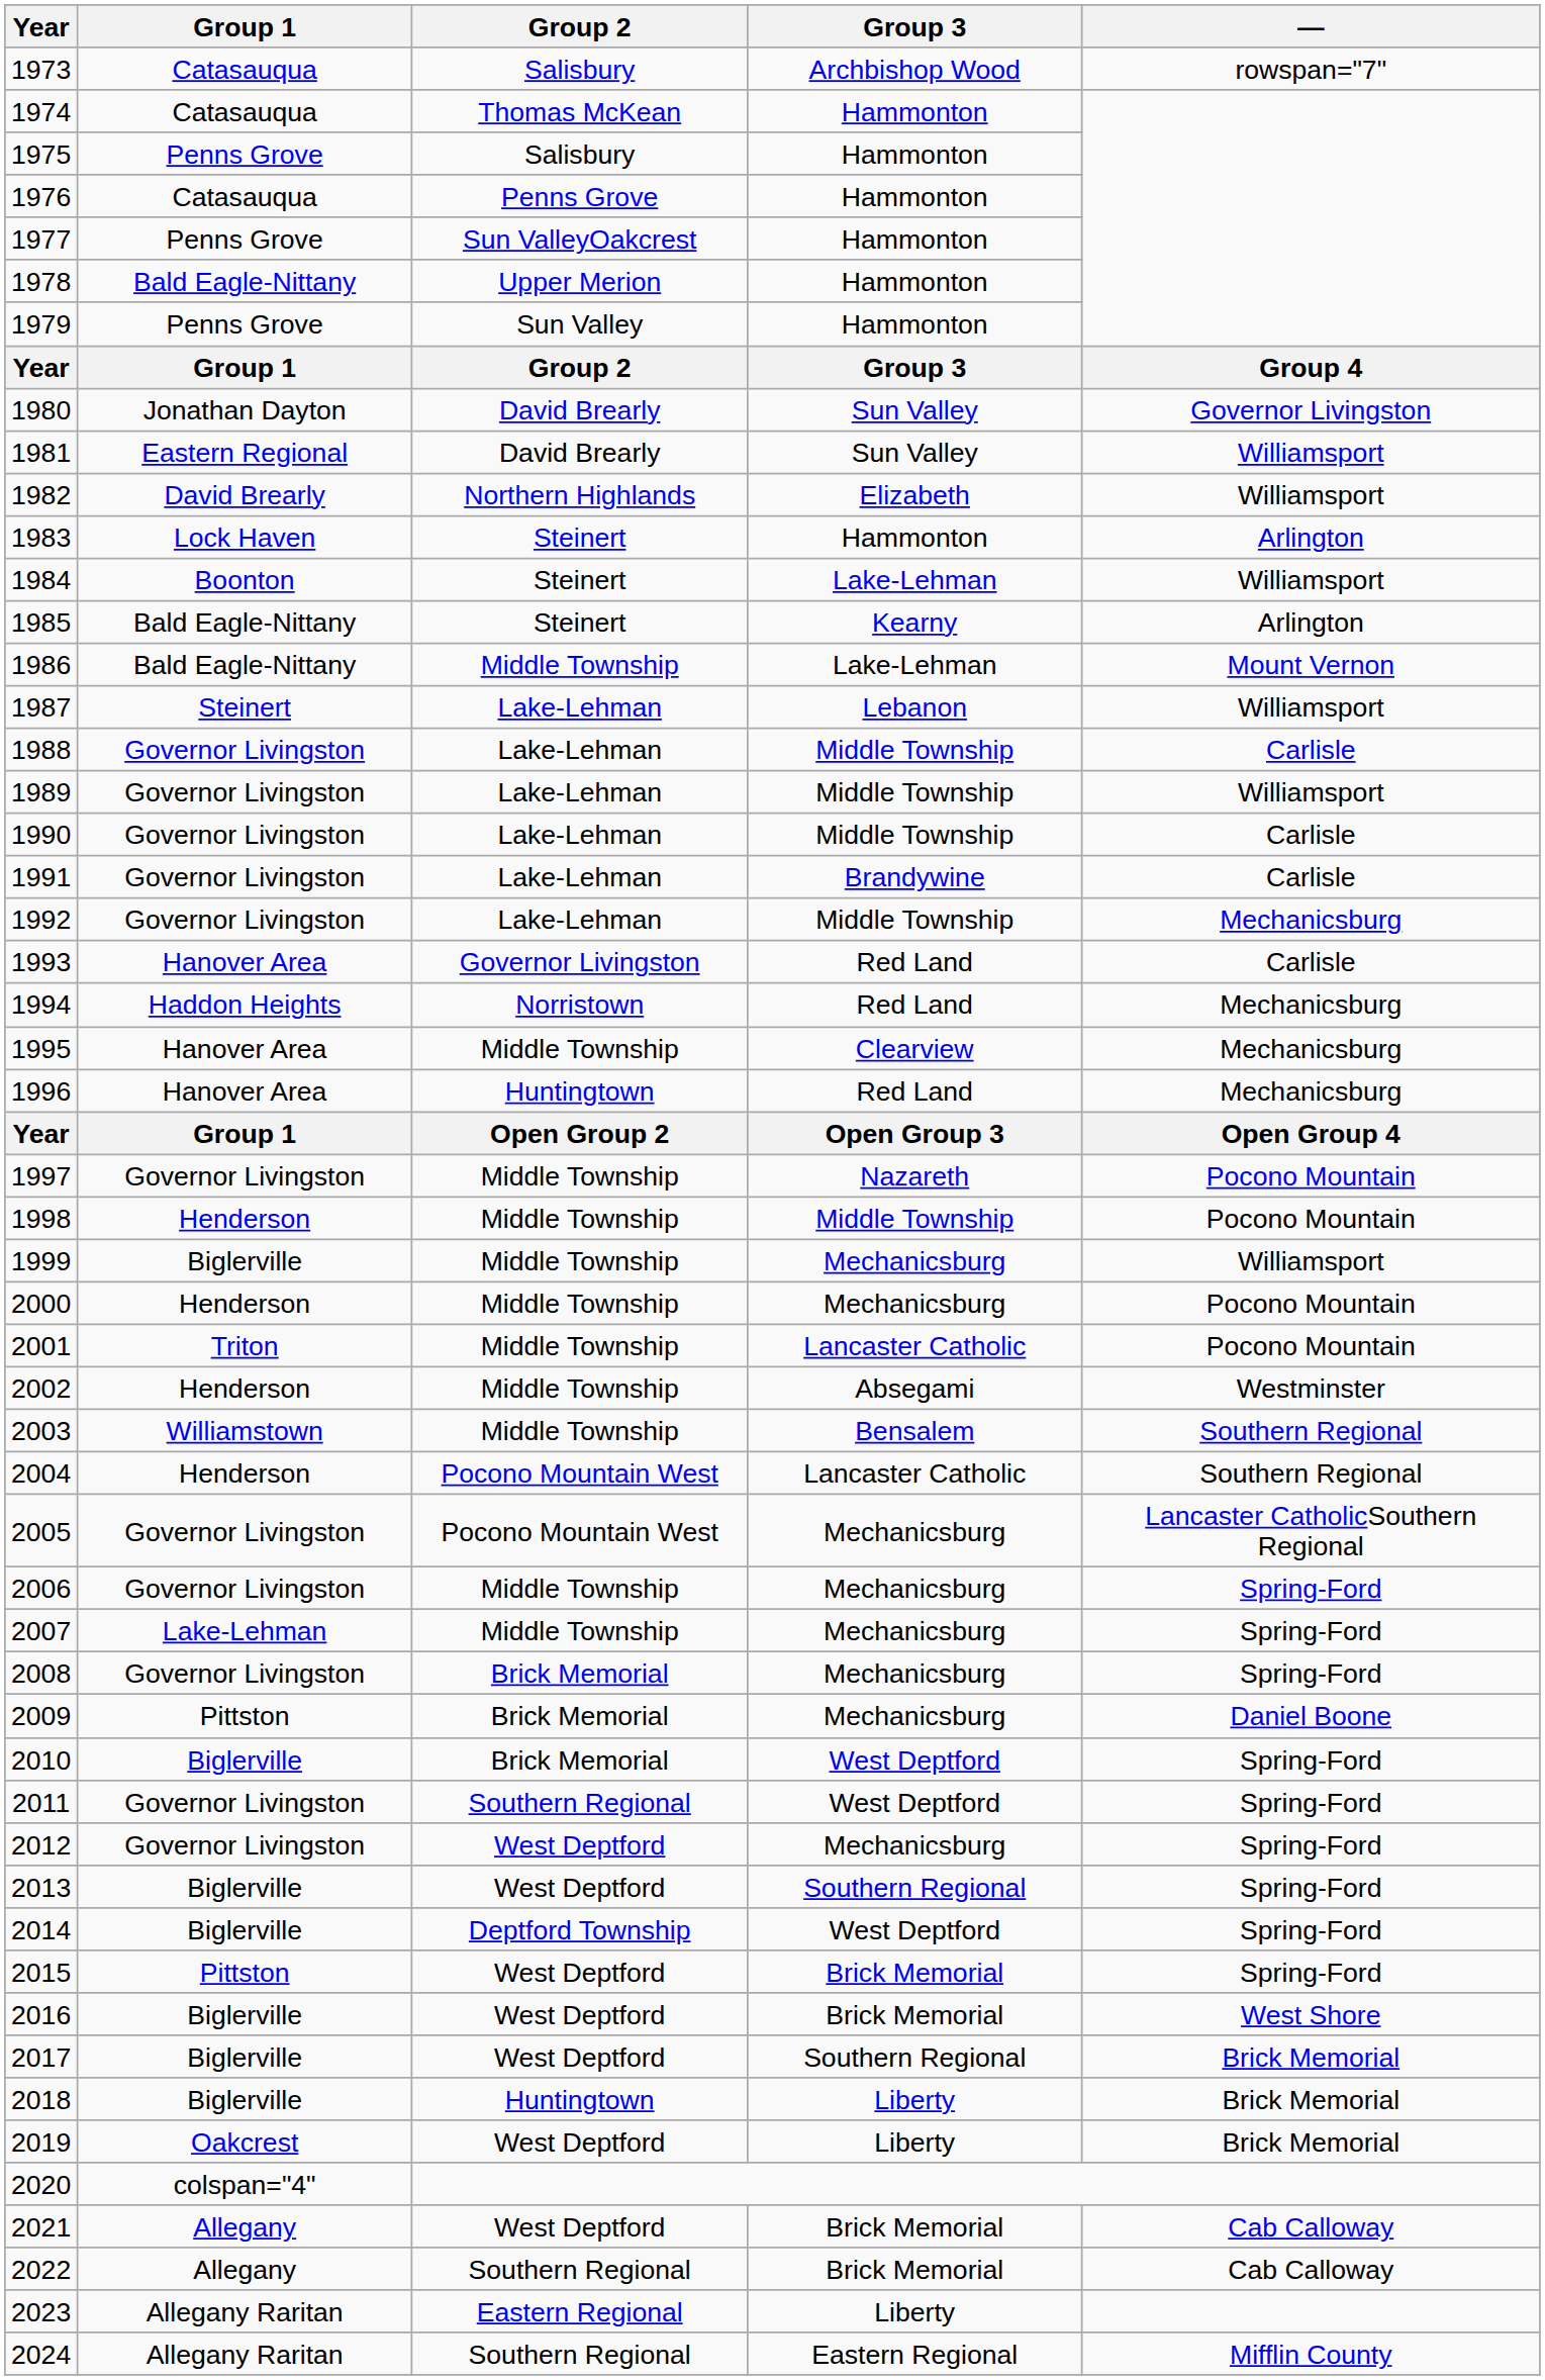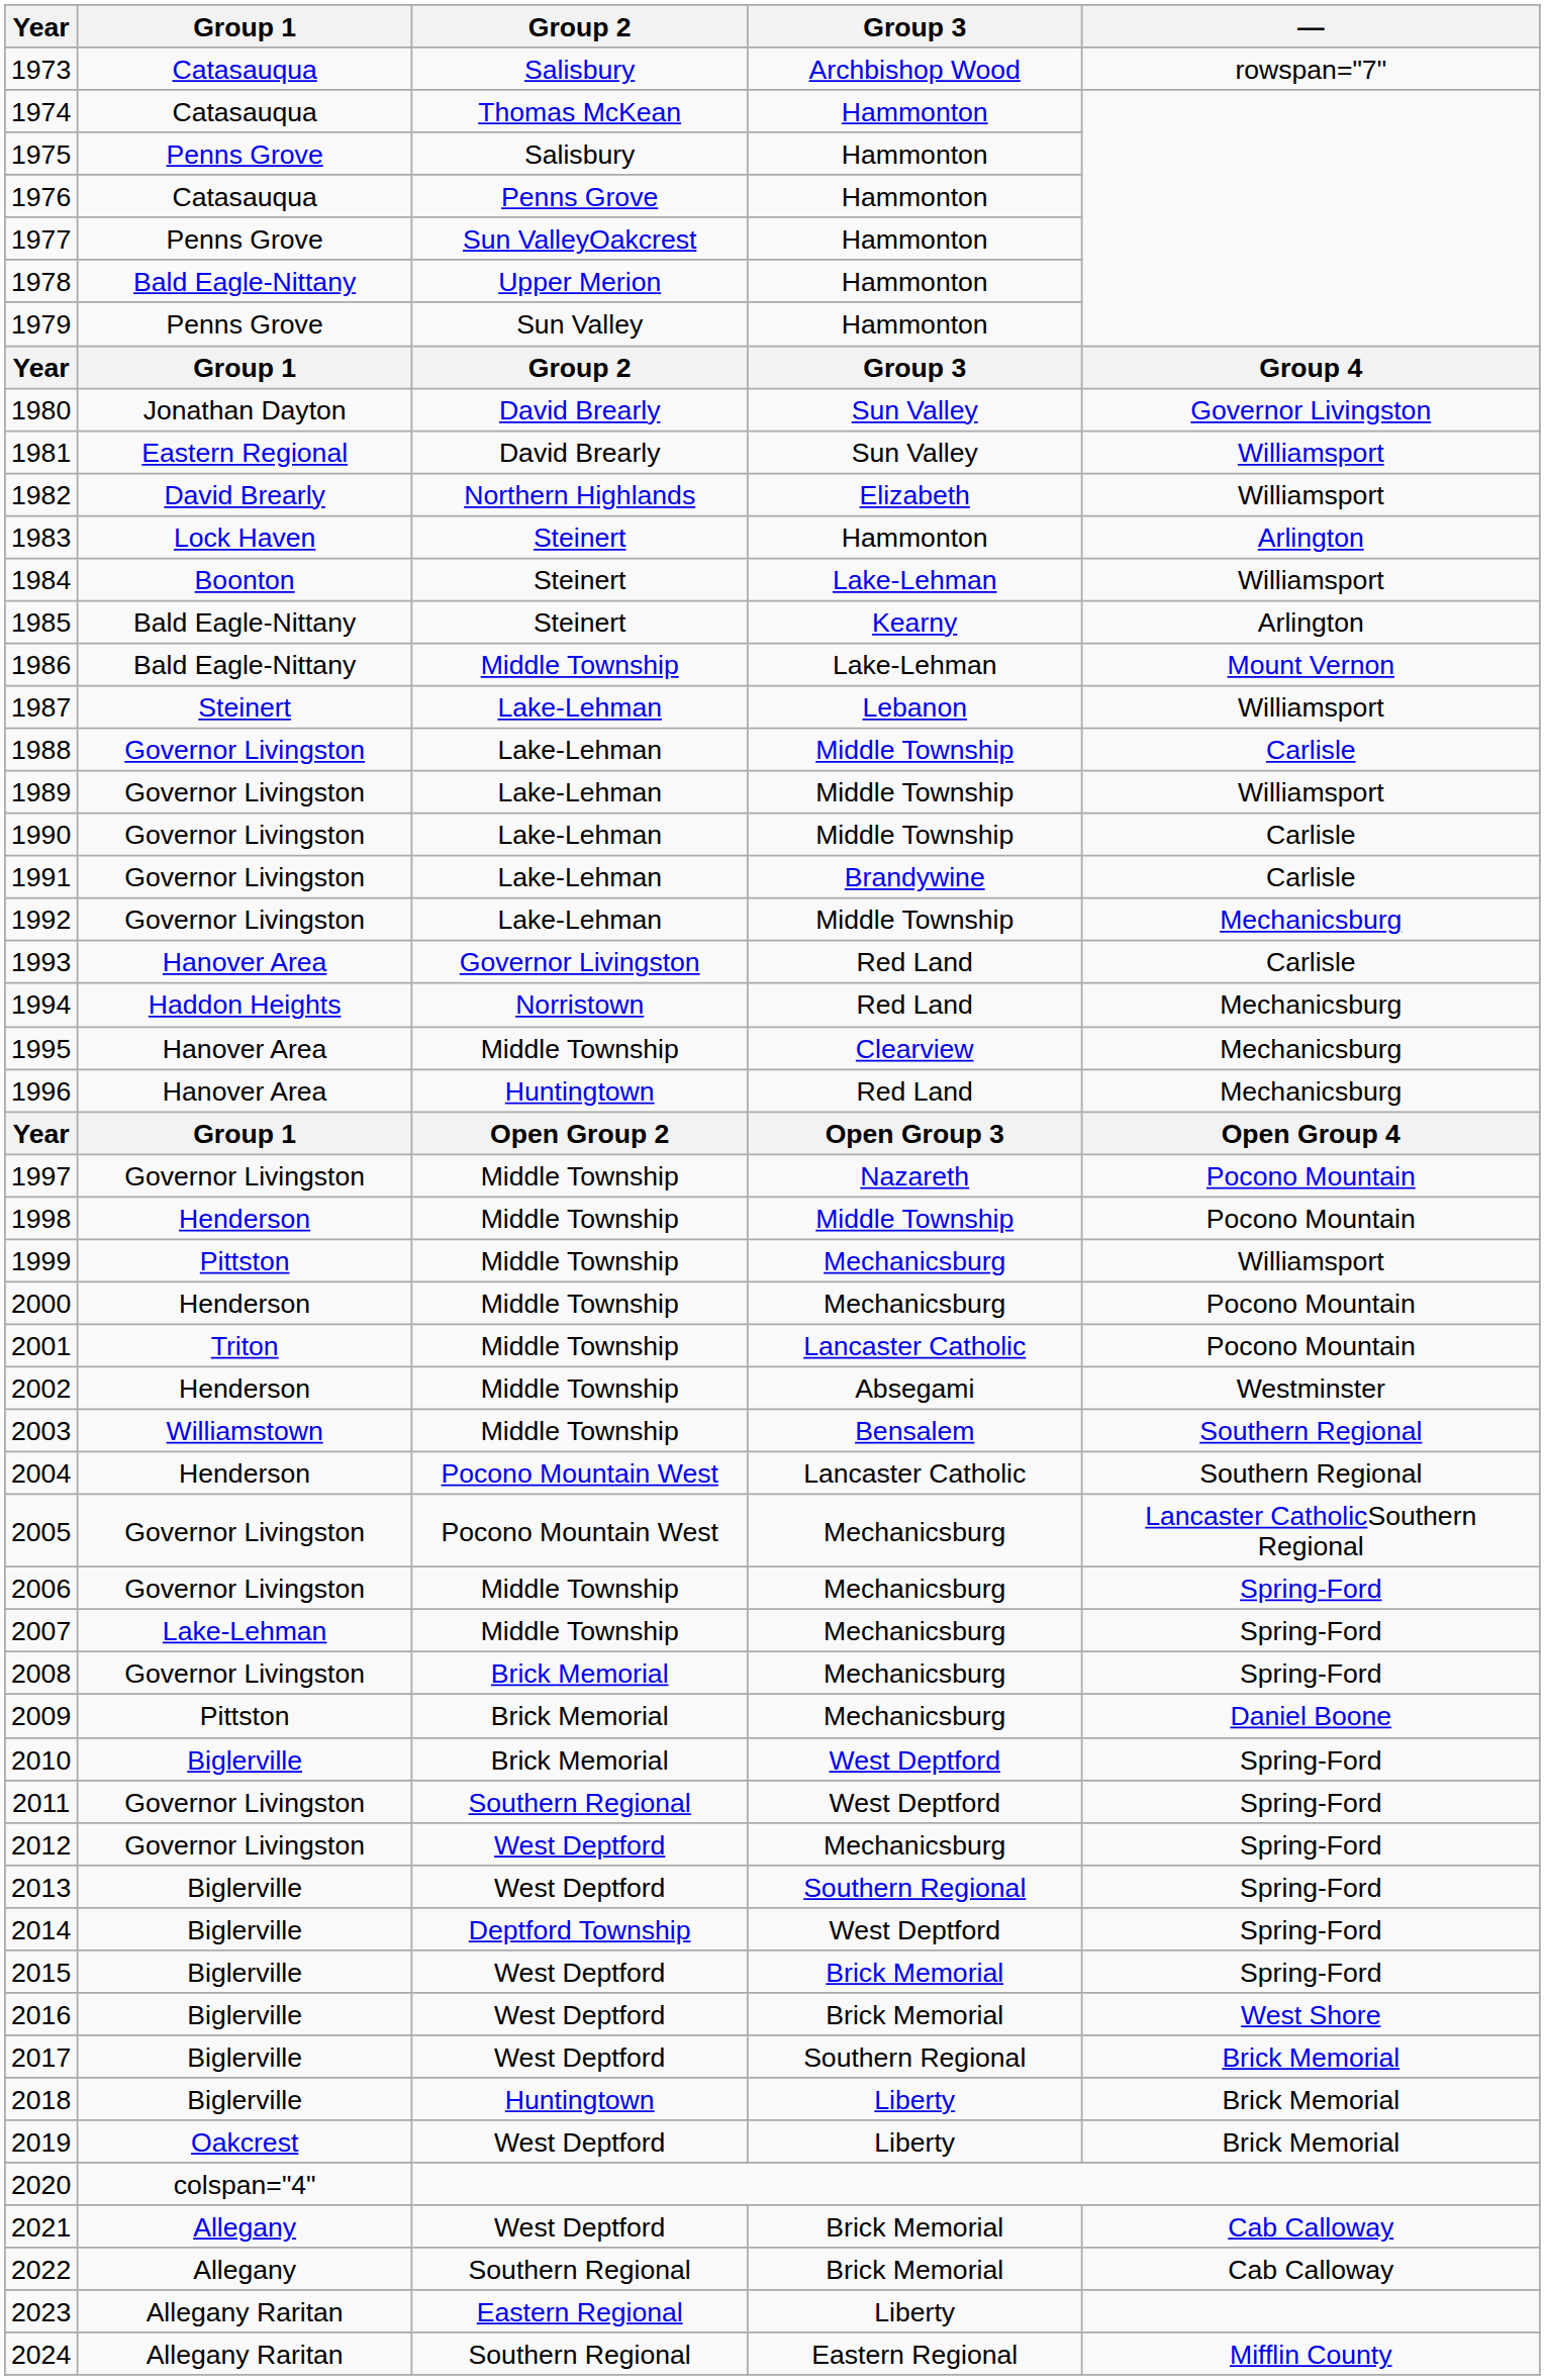 <table class="wikitable" style="font-size: 95%; text-align:center;">
 <tr>
 <th>Year</th>
 <th style="min-width: 12em;">Group 1</th>
 <th style="min-width: 12em;">Group 2</th>
 <th style="min-width: 12em;">Group 3</th>
 <th style="min-width: 12em;">—</th>
 </tr>
 <tr>
 <td>1973</td>
 <td><a href='#'>Catasauqua</a></td>
 <td><a href='#'>Salisbury</a></td>
 <td><a href='#'>Archbishop Wood</a></td>
 <td>rowspan="7" </td>
 </tr>
 <tr>
 <td>1974</td>
 <td>Catasauqua </td>
 <td><a href='#'>Thomas McKean</a></td>
 <td><a href='#'>Hammonton</a></td>
 </tr>
 <tr>
 <td>1975</td>
 <td><a href='#'>Penns Grove</a></td>
 <td>Salisbury </td>
 <td>Hammonton </td>
 </tr>
 <tr>
 <td>1976</td>
 <td>Catasauqua </td>
 <td><a href='#'>Penns Grove</a></td>
 <td>Hammonton </td>
 </tr>
 <tr>
 <td>1977</td>
 <td>Penns Grove </td>
 <td><a href='#'>Sun Valley</a><em></em><a href='#'>Oakcrest</a></td>
 <td>Hammonton </td>
 </tr>
 <tr>
 <td>1978</td>
 <td><a href='#'>Bald Eagle-Nittany</a></td>
 <td><a href='#'>Upper Merion</a></td>
 <td>Hammonton </td>
 </tr>
 <tr>
 <td>1979</td>
 <td>Penns Grove </td>
 <td>Sun Valley </td>
 <td>Hammonton </td>
 </tr>
 <tr>
 <th>Year</th>
 <th>Group 1</th>
 <th>Group 2</th>
 <th>Group 3</th>
 <th>Group 4</th>
 </tr>
 <tr>
 <td>1980</td>
 <td>Jonathan Dayton</td>
 <td><a href='#'>David Brearly</a></td>
 <td><a href='#'>Sun Valley</a></td>
 <td><a href='#'>Governor Livingston</a></td>
 </tr>
 <tr>
 <td>1981</td>
 <td><a href='#'>Eastern Regional</a></td>
 <td>David Brearly </td>
 <td>Sun Valley </td>
 <td><a href='#'>Williamsport</a></td>
 </tr>
 <tr>
 <td>1982</td>
 <td><a href='#'>David Brearly</a></td>
 <td><a href='#'>Northern Highlands</a></td>
 <td><a href='#'>Elizabeth</a></td>
 <td>Williamsport </td>
 </tr>
 <tr>
 <td>1983</td>
 <td><a href='#'>Lock Haven</a></td>
 <td><a href='#'>Steinert</a></td>
 <td>Hammonton </td>
 <td><a href='#'>Arlington</a></td>
 </tr>
 <tr>
 <td>1984</td>
 <td><a href='#'>Boonton</a></td>
 <td>Steinert </td>
 <td><a href='#'>Lake-Lehman</a></td>
 <td>Williamsport </td>
 </tr>
 <tr>
 <td>1985</td>
 <td>Bald Eagle-Nittany </td>
 <td>Steinert </td>
 <td><a href='#'>Kearny</a></td>
 <td>Arlington </td>
 </tr>
 <tr>
 <td>1986</td>
 <td>Bald Eagle-Nittany </td>
 <td><a href='#'>Middle Township</a></td>
 <td>Lake-Lehman </td>
 <td><a href='#'>Mount Vernon</a></td>
 </tr>
 <tr>
 <td>1987</td>
 <td><a href='#'>Steinert</a></td>
 <td><a href='#'>Lake-Lehman</a></td>
 <td><a href='#'>Lebanon</a></td>
 <td>Williamsport </td>
 </tr>
 <tr>
 <td>1988</td>
 <td><a href='#'>Governor Livingston</a></td>
 <td>Lake-Lehman </td>
 <td><a href='#'>Middle Township</a></td>
 <td><a href='#'>Carlisle</a></td>
 </tr>
 <tr>
 <td>1989</td>
 <td>Governor Livingston </td>
 <td>Lake-Lehman </td>
 <td>Middle Township </td>
 <td>Williamsport </td>
 </tr>
 <tr>
 <td>1990</td>
 <td>Governor Livingston </td>
 <td>Lake-Lehman </td>
 <td>Middle Township </td>
 <td>Carlisle </td>
 </tr>
 <tr>
 <td>1991</td>
 <td>Governor Livingston </td>
 <td>Lake-Lehman </td>
 <td><a href='#'>Brandywine</a></td>
 <td>Carlisle </td>
 </tr>
 <tr>
 <td>1992</td>
 <td>Governor Livingston </td>
 <td>Lake-Lehman </td>
 <td>Middle Township </td>
 <td><a href='#'>Mechanicsburg</a></td>
 </tr>
 <tr>
 <td>1993</td>
 <td><a href='#'>Hanover Area</a></td>
 <td><a href='#'>Governor Livingston</a></td>
 <td>Red Land</td>
 <td>Carlisle </td>
 </tr>
 <tr>
 <td>1994</td>
 <td><a href='#'>Haddon Heights</a></td>
 <td><a href='#'>Norristown</a></td>
 <td>Red Land </td>
 <td>Mechanicsburg </td>
 </tr>
 <tr>
 <td>1995</td>
 <td>Hanover Area </td>
 <td>Middle Township </td>
 <td><a href='#'>Clearview</a></td>
 <td>Mechanicsburg </td>
 </tr>
 <tr>
 <td>1996</td>
 <td>Hanover Area </td>
 <td><a href='#'>Huntingtown</a></td>
 <td>Red Land </td>
 <td>Mechanicsburg </td>
 </tr>
 <tr>
 <th>Year</th>
 <th> Group 1</th>
 <th>Open Group 2</th>
 <th>Open Group 3</th>
 <th>Open Group 4</th>
 </tr>
 <tr>
 <td>1997</td>
 <td>Governor Livingston </td>
 <td>Middle Township </td>
 <td><a href='#'>Nazareth</a></td>
 <td><a href='#'>Pocono Mountain</a></td>
 </tr>
 <tr>
 <td>1998</td>
 <td><a href='#'>Henderson</a></td>
 <td>Middle Township </td>
 <td><a href='#'>Middle Township</a></td>
 <td>Pocono Mountain </td>
 </tr>
 <tr>
 <td>1999</td>
-<td>Biglerville </td>
+<td><a href='#'>Pittston</a></td>
 <td>Middle Township </td>
 <td><a href='#'>Mechanicsburg</a></td>
 <td>Williamsport </td>
 </tr>
 <tr>
 <td>2000</td>
 <td>Henderson </td>
 <td>Middle Township </td>
 <td>Mechanicsburg </td>
 <td>Pocono Mountain </td>
 </tr>
 <tr>
 <td>2001</td>
 <td><a href='#'>Triton</a></td>
 <td>Middle Township </td>
 <td><a href='#'>Lancaster Catholic</a></td>
 <td>Pocono Mountain </td>
 </tr>
 <tr>
 <td>2002</td>
 <td>Henderson </td>
 <td>Middle Township </td>
 <td>Absegami </td>
 <td>Westminster</td>
 </tr>
 <tr>
 <td>2003</td>
 <td><a href='#'>Williamstown</a></td>
 <td>Middle Township </td>
 <td><a href='#'>Bensalem</a></td>
 <td><a href='#'>Southern Regional</a></td>
 </tr>
 <tr>
 <td>2004</td>
 <td>Henderson </td>
 <td><a href='#'>Pocono Mountain West</a></td>
 <td>Lancaster Catholic </td>
 <td>Southern Regional </td>
 </tr>
 <tr>
 <td>2005</td>
 <td>Governor Livingston </td>
 <td>Pocono Mountain West </td>
 <td>Mechanicsburg </td>
 <td><a href='#'>Lancaster Catholic</a><em></em>Southern Regional </td>
 </tr>
 <tr>
 <td>2006</td>
 <td>Governor Livingston </td>
 <td>Middle Township </td>
 <td>Mechanicsburg </td>
 <td><a href='#'>Spring-Ford</a></td>
 </tr>
 <tr>
 <td>2007</td>
 <td><a href='#'>Lake-Lehman</a></td>
 <td>Middle Township </td>
 <td>Mechanicsburg </td>
 <td>Spring-Ford </td>
 </tr>
 <tr>
 <td>2008</td>
 <td>Governor Livingston </td>
 <td><a href='#'>Brick Memorial</a></td>
 <td>Mechanicsburg </td>
 <td>Spring-Ford </td>
 </tr>
 <tr>
 <td>2009</td>
 <td>Pittston </td>
 <td>Brick Memorial </td>
 <td>Mechanicsburg </td>
 <td><a href='#'>Daniel Boone</a></td>
 </tr>
 <tr>
 <td>2010</td>
 <td><a href='#'>Biglerville</a></td>
 <td>Brick Memorial </td>
 <td><a href='#'>West Deptford</a></td>
 <td>Spring-Ford </td>
 </tr>
 <tr>
 <td>2011</td>
 <td>Governor Livingston </td>
 <td><a href='#'>Southern Regional</a></td>
 <td>West Deptford </td>
 <td>Spring-Ford </td>
 </tr>
 <tr>
 <td>2012</td>
 <td>Governor Livingston </td>
 <td><a href='#'>West Deptford</a></td>
 <td>Mechanicsburg </td>
 <td>Spring-Ford </td>
 </tr>
 <tr>
 <td>2013</td>
 <td>Biglerville </td>
 <td>West Deptford </td>
 <td><a href='#'>Southern Regional</a></td>
 <td>Spring-Ford </td>
 </tr>
 <tr>
 <td>2014</td>
 <td>Biglerville </td>
 <td><a href='#'>Deptford Township</a></td>
 <td>West Deptford </td>
 <td>Spring-Ford </td>
 </tr>
 <tr>
 <td>2015</td>
-<td><a href='#'>Pittston</a></td>
+<td>Biglerville </td>
 <td>West Deptford </td>
 <td><a href='#'>Brick Memorial</a></td>
 <td>Spring-Ford </td>
 </tr>
 <tr>
 <td>2016</td>
 <td>Biglerville </td>
 <td>West Deptford </td>
 <td>Brick Memorial </td>
 <td><a href='#'>West Shore</a></td>
 </tr>
 <tr>
 <td>2017</td>
 <td>Biglerville </td>
 <td>West Deptford </td>
 <td>Southern Regional </td>
 <td><a href='#'>Brick Memorial</a></td>
 </tr>
 <tr>
 <td>2018</td>
 <td>Biglerville </td>
 <td><a href='#'>Huntingtown</a></td>
 <td><a href='#'>Liberty</a></td>
 <td>Brick Memorial </td>
 </tr>
 <tr>
 <td>2019</td>
 <td><a href='#'>Oakcrest</a></td>
 <td>West Deptford </td>
 <td>Liberty </td>
 <td>Brick Memorial </td>
 </tr>
 <tr>
 <td>2020</td>
 <td>colspan="4" </td>
 </tr>
 <tr>
 <td>2021</td>
 <td><a href='#'>Allegany</a></td>
 <td>West Deptford </td>
 <td>Brick Memorial </td>
 <td><a href='#'>Cab Calloway</a></td>
 </tr>
 <tr>
 <td>2022</td>
 <td>Allegany </td>
 <td>Southern Regional </td>
 <td>Brick Memorial </td>
 <td>Cab Calloway </td>
 </tr>
 <tr>
 <td>2023</td>
 <td>Allegany Raritan </td>
 <td><a href='#'>Eastern Regional</a></td>
 <td>Liberty </td>
 <td></td>
 </tr>
 <tr>
 <td>2024</td>
 <td>Allegany Raritan </td>
 <td>Southern Regional</td>
 <td>Eastern Regional</td>
 <td><a href='#'>Mifflin County</a></td>
 </tr>
 </table>
